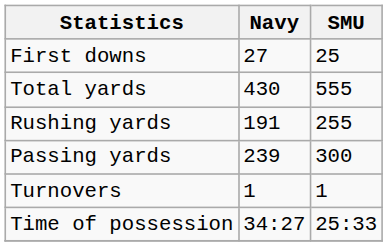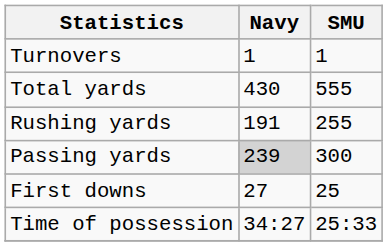 <table class="wikitable" style="float: right;">
 <tr>
 <th>Statistics</th>
 <th>Navy</th>
 <th>SMU</th>
 </tr>
 <tr>
-<td>First downs</td>
-<td>27</td>
-<td>25</td>
+<td>Turnovers</td>
+<td>1</td>
+<td>1</td>
 </tr>
 <tr>
 <td>Total yards</td>
 <td>430</td>
 <td>555</td>
 </tr>
 <tr>
 <td>Rushing yards</td>
 <td>191</td>
 <td>255</td>
 </tr>
 <tr>
 <td>Passing yards</td>
-<td>239</td>
+<td style="background: lightgrey;">239</td>
 <td>300</td>
 </tr>
 <tr>
-<td>Turnovers</td>
-<td>1</td>
-<td>1</td>
+<td>First downs</td>
+<td>27</td>
+<td>25</td>
 </tr>
 <tr>
 <td>Time of possession</td>
 <td>34:27</td>
 <td>25:33</td>
 </tr>
 <tr>
 </tr>
 </table>
